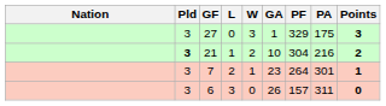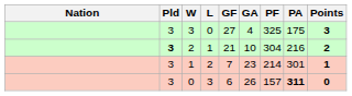 <table class=wikitable style="text-align:center">
 <tr>
 <th width=220>Nation</th>
 <th width=20>Pld</th>
+<th width=20>W</th>
+<th width=20>L</th>
 <th width=20>GF</th>
-<th width=20>L</th>
-<th width=20>W</th>
 <th width=20>GA</th>
 <th width=20>PF</th>
 <th width=20>PA</th>
 <th width=50>Points</th>
 </tr>
 <tr bgcolor=#ccffcc>
 <td align=left></td>
 <td>3</td>
+<td>3</td>
+<td>0</td>
 <td>27</td>
-<td>0</td>
-<td>3</td>
-<td>1</td>
-<td>329</td>
+<td>4</td>
+<td>325</td>
 <td>175</td>
 <td><strong>3</strong></td>
 </tr>
 <tr bgcolor=#ccffcc>
 <td align=left></td>
 <td><strong>3</strong></td>
+<td>2</td>
+<td>1</td>
 <td>21</td>
-<td>1</td>
-<td>2</td>
 <td>10</td>
 <td>304</td>
 <td>216</td>
 <td><strong>2</strong></td>
 </tr>
 <tr bgcolor="#fcccc">
 <td align=left></td>
 <td>3</td>
+<td>1</td>
+<td>2</td>
 <td>7</td>
-<td>2</td>
-<td>1</td>
 <td>23</td>
-<td>264</td>
+<td>214</td>
 <td>301</td>
 <td><strong>1</strong></td>
 </tr>
 <tr bgcolor="#fcccc">
 <td align=left></td>
 <td>3</td>
+<td>0</td>
+<td>3</td>
 <td>6</td>
-<td>3</td>
-<td>0</td>
 <td>26</td>
 <td>157</td>
-<td>311</td>
+<td><strong>311</strong></td>
 <td><strong>0</strong></td>
 </tr>
 </table>
